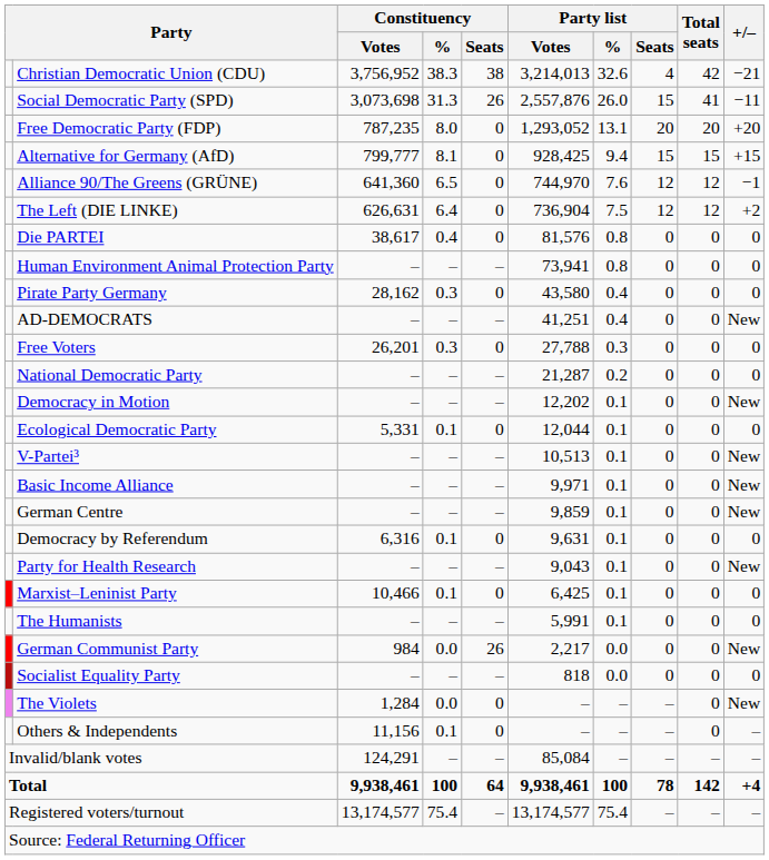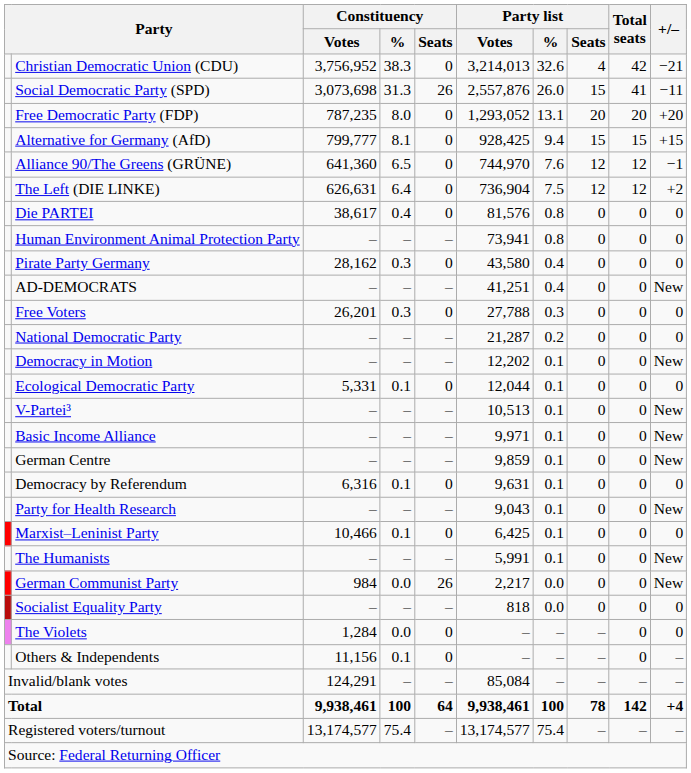 <table class="wikitable" style="text-align:right">
 <tr>
 <th colspan="2" rowspan="2">Party</th>
 <th colspan="3">Constituency</th>
 <th colspan="3">Party list</th>
 <th rowspan="2">Total<br>seats</th>
 <th rowspan="2">+/–</th>
 </tr>
 <tr>
 <th>Votes</th>
 <th>%</th>
 <th>Seats</th>
 <th>Votes</th>
 <th>%</th>
 <th>Seats</th>
 </tr>
 <tr>
 <td></td>
 <td align="left"><a href='#'>Christian Democratic Union</a> (CDU)</td>
 <td>3,756,952</td>
 <td>38.3</td>
-<td>38</td>
+<td>0</td>
 <td>3,214,013</td>
 <td>32.6</td>
 <td>4</td>
 <td>42</td>
 <td>−21</td>
 </tr>
 <tr>
 <td></td>
 <td align="left"><a href='#'>Social Democratic Party</a> (SPD)</td>
 <td>3,073,698</td>
 <td>31.3</td>
 <td>26</td>
 <td>2,557,876</td>
 <td>26.0</td>
 <td>15</td>
 <td>41</td>
 <td>−11</td>
 </tr>
 <tr>
 <td></td>
 <td align="left"><a href='#'>Free Democratic Party</a> (FDP)</td>
 <td>787,235</td>
 <td>8.0</td>
 <td>0</td>
 <td>1,293,052</td>
 <td>13.1</td>
 <td>20</td>
 <td>20</td>
 <td>+20</td>
 </tr>
 <tr>
 <td></td>
 <td align="left"><a href='#'>Alternative for Germany</a> (AfD)</td>
 <td>799,777</td>
 <td>8.1</td>
 <td>0</td>
 <td>928,425</td>
 <td>9.4</td>
 <td>15</td>
 <td>15</td>
 <td>+15</td>
 </tr>
 <tr>
 <td></td>
 <td align="left"><a href='#'>Alliance 90/The Greens</a> (GRÜNE)</td>
 <td>641,360</td>
 <td>6.5</td>
 <td>0</td>
 <td>744,970</td>
 <td>7.6</td>
 <td>12</td>
 <td>12</td>
 <td>−1</td>
 </tr>
 <tr>
 <td></td>
 <td align="left"><a href='#'>The Left</a> (DIE LINKE)</td>
 <td>626,631</td>
 <td>6.4</td>
 <td>0</td>
 <td>736,904</td>
 <td>7.5</td>
 <td>12</td>
 <td>12</td>
 <td>+2</td>
 </tr>
 <tr>
 <td style="background-color:"></td>
 <td align="left"><a href='#'>Die PARTEI</a></td>
 <td>38,617</td>
 <td>0.4</td>
 <td>0</td>
 <td>81,576</td>
 <td>0.8</td>
 <td>0</td>
 <td>0</td>
 <td>0</td>
 </tr>
 <tr>
 <td style="background-color:"></td>
 <td align="left"><a href='#'>Human Environment Animal Protection Party</a></td>
 <td>–</td>
 <td>–</td>
 <td>–</td>
 <td>73,941</td>
 <td>0.8</td>
 <td>0</td>
 <td>0</td>
 <td>0</td>
 </tr>
 <tr>
 <td style="background-color:"></td>
 <td align="left"><a href='#'>Pirate Party Germany</a></td>
 <td>28,162</td>
 <td>0.3</td>
 <td>0</td>
 <td>43,580</td>
 <td>0.4</td>
 <td>0</td>
 <td>0</td>
 <td>0</td>
 </tr>
 <tr>
 <td></td>
 <td align="left">AD-DEMOCRATS</td>
 <td>–</td>
 <td>–</td>
 <td>–</td>
 <td>41,251</td>
 <td>0.4</td>
 <td>0</td>
 <td>0</td>
 <td>New</td>
 </tr>
 <tr>
 <td style="background-color:"></td>
 <td align="left"><a href='#'>Free Voters</a></td>
 <td>26,201</td>
 <td>0.3</td>
 <td>0</td>
 <td>27,788</td>
 <td>0.3</td>
 <td>0</td>
 <td>0</td>
 <td>0</td>
 </tr>
 <tr>
 <td style="background-color:"></td>
 <td align="left"><a href='#'>National Democratic Party</a></td>
 <td>–</td>
 <td>–</td>
 <td>–</td>
 <td>21,287</td>
 <td>0.2</td>
 <td>0</td>
 <td>0</td>
 <td>0</td>
 </tr>
 <tr>
 <td></td>
 <td align="left"><a href='#'>Democracy in Motion</a></td>
 <td>–</td>
 <td>–</td>
 <td>–</td>
 <td>12,202</td>
 <td>0.1</td>
 <td>0</td>
 <td>0</td>
 <td>New</td>
 </tr>
 <tr>
 <td style="background-color:"></td>
 <td align="left"><a href='#'>Ecological Democratic Party</a></td>
 <td>5,331</td>
 <td>0.1</td>
 <td>0</td>
 <td>12,044</td>
 <td>0.1</td>
 <td>0</td>
 <td>0</td>
 <td>0</td>
 </tr>
 <tr>
 <td style="background-color:"></td>
 <td align="left"><a href='#'>V-Partei³</a></td>
 <td>–</td>
 <td>–</td>
 <td>–</td>
 <td>10,513</td>
 <td>0.1</td>
 <td>0</td>
 <td>0</td>
 <td>New</td>
 </tr>
 <tr>
 <td style="background-color:"></td>
 <td align="left"><a href='#'>Basic Income Alliance</a></td>
 <td>–</td>
 <td>–</td>
 <td>–</td>
 <td>9,971</td>
 <td>0.1</td>
 <td>0</td>
 <td>0</td>
 <td>New</td>
 </tr>
 <tr>
 <td></td>
 <td align="left">German Centre</td>
 <td>–</td>
 <td>–</td>
 <td>–</td>
 <td>9,859</td>
 <td>0.1</td>
 <td>0</td>
 <td>0</td>
 <td>New</td>
 </tr>
 <tr>
 <td></td>
 <td align="left">Democracy by Referendum</td>
 <td>6,316</td>
 <td>0.1</td>
 <td>0</td>
 <td>9,631</td>
 <td>0.1</td>
 <td>0</td>
 <td>0</td>
 <td>0</td>
 </tr>
 <tr>
 <td></td>
 <td align="left"><a href='#'>Party for Health Research</a></td>
 <td>–</td>
 <td>–</td>
 <td>–</td>
 <td>9,043</td>
 <td>0.1</td>
 <td>0</td>
 <td>0</td>
 <td>New</td>
 </tr>
 <tr>
 <td style="background-color:red"></td>
 <td align="left"><a href='#'>Marxist–Leninist Party</a></td>
 <td>10,466</td>
 <td>0.1</td>
 <td>0</td>
 <td>6,425</td>
 <td>0.1</td>
 <td>0</td>
 <td>0</td>
 <td>0</td>
 </tr>
 <tr>
 <td></td>
 <td align="left"><a href='#'>The Humanists</a></td>
 <td>–</td>
 <td>–</td>
 <td>–</td>
 <td>5,991</td>
 <td>0.1</td>
 <td>0</td>
 <td>0</td>
-<td>0</td>
+<td>New</td>
 </tr>
 <tr>
 <td style="background-color:red"></td>
 <td align="left"><a href='#'>German Communist Party</a></td>
 <td>984</td>
 <td>0.0</td>
 <td>26</td>
 <td>2,217</td>
 <td>0.0</td>
 <td>0</td>
 <td>0</td>
 <td>New</td>
 </tr>
 <tr>
 <td style="background-color:#B80D0C"></td>
 <td align="left"><a href='#'>Socialist Equality Party</a></td>
 <td>–</td>
 <td>–</td>
 <td>–</td>
 <td>818</td>
 <td>0.0</td>
 <td>0</td>
 <td>0</td>
 <td>0</td>
 </tr>
 <tr>
 <td style="background-color:violet"></td>
 <td align="left"><a href='#'>The Violets</a></td>
 <td>1,284</td>
 <td>0.0</td>
 <td>0</td>
 <td>–</td>
 <td>–</td>
 <td>–</td>
 <td>0</td>
-<td>New</td>
+<td>0</td>
 </tr>
 <tr>
 <td></td>
 <td align="left">Others & Independents</td>
 <td>11,156</td>
 <td>0.1</td>
 <td>0</td>
 <td>–</td>
 <td>–</td>
 <td>–</td>
 <td>0</td>
 <td>–</td>
 </tr>
 <tr>
 <td colspan="2" align="left">Invalid/blank votes</td>
 <td>124,291</td>
 <td>–</td>
 <td>–</td>
 <td>85,084</td>
 <td>–</td>
 <td>–</td>
 <td>–</td>
 <td>–</td>
 </tr>
 <tr>
 <td colspan="2" align="left"><strong>Total</strong></td>
 <td><strong>9,938,461</strong></td>
 <td><strong>100</strong></td>
 <td><strong>64</strong></td>
 <td><strong>9,938,461</strong></td>
 <td><strong>100</strong></td>
 <td><strong>78</strong></td>
 <td><strong>142</strong></td>
 <td><strong>+4</strong></td>
 </tr>
 <tr>
 <td colspan="2" align="left">Registered voters/turnout</td>
 <td>13,174,577</td>
 <td>75.4</td>
 <td>–</td>
 <td>13,174,577</td>
 <td>75.4</td>
 <td>–</td>
 <td>–</td>
 <td>–</td>
 </tr>
 <tr>
 <td colspan="10" align="left">Source: <a href='#'>Federal Returning Officer</a></td>
 </tr>
 </table>
